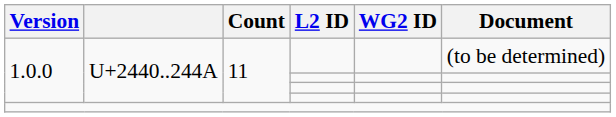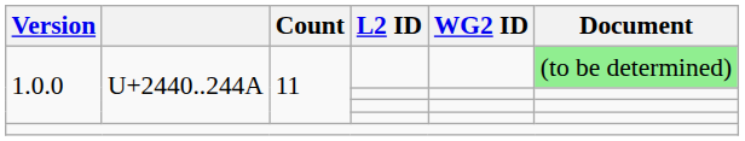 <table class="wikitable sticky-header">
 <tr>
 <th><a href='#'>Version</a></th>
 <th></th>
 <th>Count</th>
 <th><a href='#'>L2</a> ID</th>
 <th><a href='#'>WG2</a> ID</th>
 <th>Document</th>
 </tr>
 <tr>
 <td rowspan="4">1.0.0</td>
 <td rowspan="4">U+2440..244A</td>
 <td rowspan="4">11</td>
 <td></td>
 <td></td>
-<td>(to be determined)</td>
+<td style="background: lightgreen;">(to be determined)</td>
 </tr>
 <tr>
 <td></td>
 <td></td>
 <td></td>
 </tr>
 <tr>
 <td></td>
 <td></td>
 <td></td>
 </tr>
 <tr>
 <td></td>
 <td></td>
 <td></td>
 </tr>
 <tr class="sortbottom">
 <td colspan="6"></td>
 </tr>
 </table>
